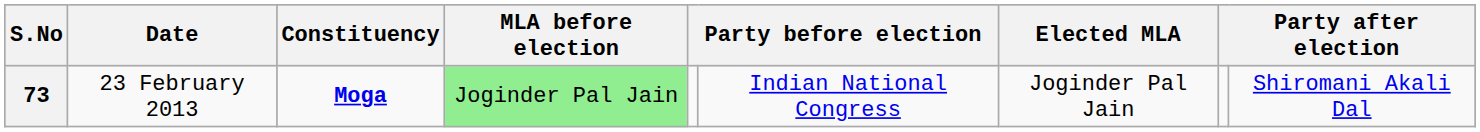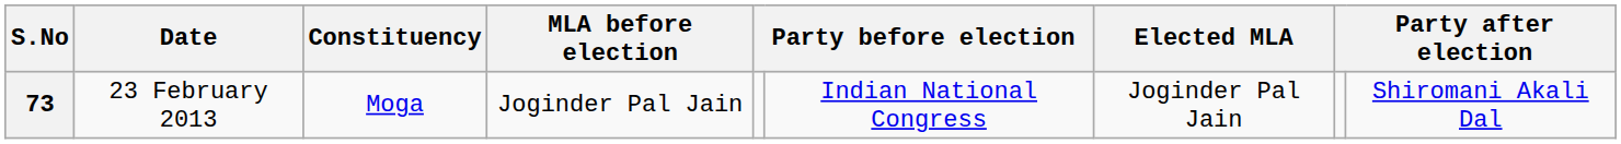 <table class="wikitable sortable" style="text-align:center;">
 <tr>
 <th>S.No</th>
 <th>Date</th>
 <th>Constituency</th>
 <th>MLA before election</th>
 <th colspan="2">Party before election</th>
 <th>Elected MLA</th>
 <th colspan="2">Party after election</th>
 </tr>
 <tr>
 <th>73</th>
 <td>23 February 2013</td>
-<td><strong><a href='#'>Moga</a></strong></td>
-<td style="background: lightgreen;">Joginder Pal Jain</td>
+<td><a href='#'>Moga</a></td>
+<td>Joginder Pal Jain</td>
 <td></td>
 <td><a href='#'>Indian National Congress</a></td>
 <td>Joginder Pal Jain</td>
 <td></td>
 <td><a href='#'>Shiromani Akali Dal</a></td>
 </tr>
 </table>
